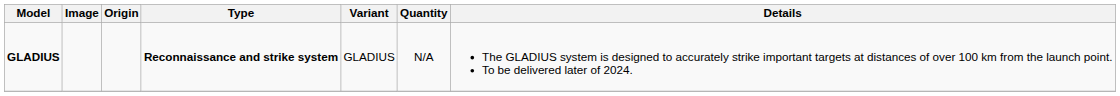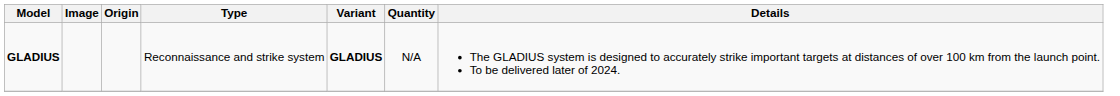 <table class="wikitable">
 <tr>
 <th>Model</th>
 <th>Image</th>
 <th>Origin</th>
 <th>Type</th>
 <th>Variant</th>
 <th>Quantity</th>
 <th>Details</th>
 </tr>
 <tr>
 <td><strong> GLADIUS</strong></td>
 <td></td>
 <td><small></small></td>
-<td><strong>Reconnaissance and strike system</strong></td>
-<td>GLADIUS</td>
+<td>Reconnaissance and strike system</td>
+<td><strong>GLADIUS</strong></td>
 <td style="text-align: center;">N/A</td>
 <td><br><ul><li>The GLADIUS system is designed to accurately strike important targets at distances of over 100 km from the launch point.</li><li>To be delivered later of 2024.</li></ul></td>
 </tr>
 <tr>
 </tr>
 </table>
